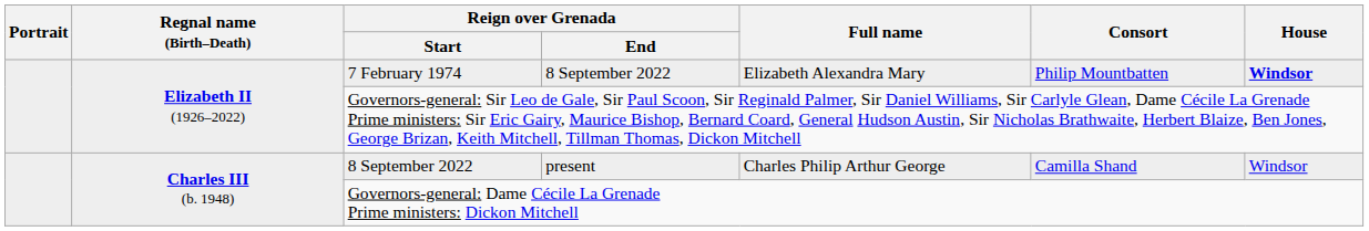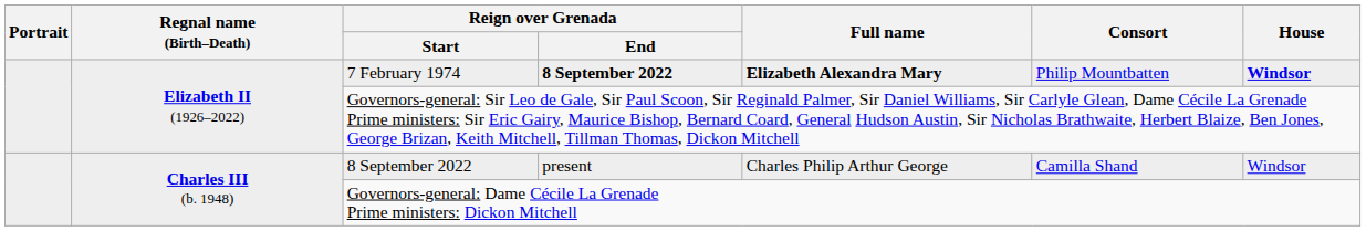 <table class="wikitable" style="width:100%;">
 <tr>
 <th rowspan="2">Portrait</th>
 <th rowspan="2" style="width:20%;">Regnal name<br><small>(Birth–Death)</small></th>
 <th colspan=2>Reign over Grenada</th>
 <th rowspan="2">Full name</th>
 <th rowspan="2">Consort</th>
 <th rowspan="2">House</th>
 </tr>
 <tr>
 <th>Start</th>
 <th>End</th>
 </tr>
 <tr style="background:#eee;">
 <td rowspan="2" style="text-align:center;"></td>
 <td rowspan="2" style="text-align:center;"><strong><a href='#'>Elizabeth II</a></strong><br><small>(1926–2022)</small></td>
 <td>7 February 1974</td>
-<td>8 September 2022</td>
-<td>Elizabeth Alexandra Mary</td>
+<td><strong>8 September 2022</strong></td>
+<td><strong>Elizabeth Alexandra Mary</strong></td>
 <td><a href='#'>Philip Mountbatten</a></td>
 <td><strong><a href='#'>Windsor</a></strong></td>
 </tr>
 <tr>
 <td colspan="5"><u>Governors-general:</u> Sir <a href='#'>Leo de Gale</a>, Sir <a href='#'>Paul Scoon</a>, Sir <a href='#'>Reginald Palmer</a>, Sir <a href='#'>Daniel Williams</a>, Sir <a href='#'>Carlyle Glean</a>, Dame <a href='#'>Cécile La Grenade</a><br><u>Prime ministers:</u> Sir <a href='#'>Eric Gairy</a>, <a href='#'>Maurice Bishop</a>, <a href='#'>Bernard Coard</a>, <a href='#'>General</a> <a href='#'>Hudson Austin</a>, Sir <a href='#'>Nicholas Brathwaite</a>, <a href='#'>Herbert Blaize</a>, <a href='#'>Ben Jones</a>, <a href='#'>George Brizan</a>, <a href='#'>Keith Mitchell</a>, <a href='#'>Tillman Thomas</a>, <a href='#'>Dickon Mitchell</a></td>
 </tr>
 <tr style="background:#eee;">
 <td rowspan="2" style="text-align:center;"></td>
 <td rowspan="2" style="text-align:center;"><strong><a href='#'>Charles III</a></strong><br><small>(b. 1948)</small></td>
 <td>8 September 2022</td>
 <td>present</td>
 <td>Charles Philip Arthur George</td>
 <td><a href='#'>Camilla Shand</a></td>
 <td><a href='#'>Windsor</a></td>
 </tr>
 <tr>
 <td colspan="5"><u>Governors-general:</u> Dame <a href='#'>Cécile La Grenade</a><br><u>Prime ministers:</u> <a href='#'>Dickon Mitchell</a></td>
 </tr>
 </table>
